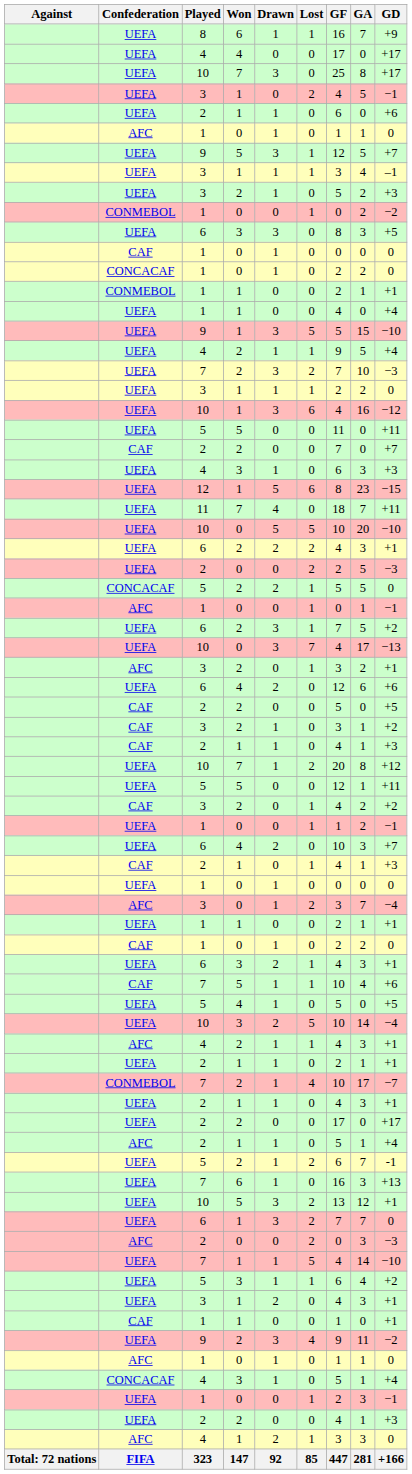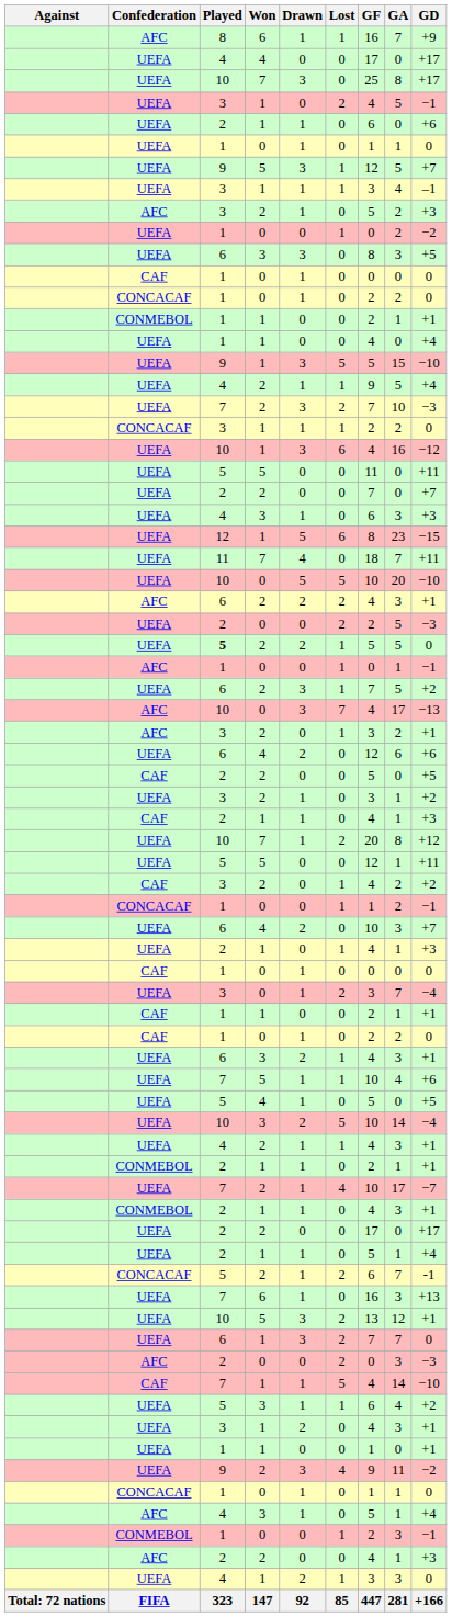 <table class="wikitable sortable" style="font-size:100%; text-align:center;">
 <tr>
 <th>Against</th>
 <th>Confederation</th>
 <th>Played</th>
 <th>Won</th>
 <th>Drawn</th>
 <th>Lost</th>
 <th>GF</th>
 <th>GA</th>
 <th>GD</th>
 </tr>
 <tr bgcolor="#CCFFCC">
 <td style="text-align:left;"></td>
-<td><a href='#'>UEFA</a></td>
+<td><a href='#'>AFC</a></td>
 <td>8</td>
 <td>6</td>
 <td>1</td>
 <td>1</td>
 <td>16</td>
 <td>7</td>
 <td>+9</td>
 </tr>
 <tr bgcolor="#CCFFCC">
 <td style="text-align:left;"></td>
 <td><a href='#'>UEFA</a></td>
 <td>4</td>
 <td>4</td>
 <td>0</td>
 <td>0</td>
 <td>17</td>
 <td>0</td>
 <td>+17</td>
 </tr>
 <tr bgcolor="#CCFFCC">
 <td style="text-align:left;"></td>
 <td><a href='#'>UEFA</a></td>
 <td>10</td>
 <td>7</td>
 <td>3</td>
 <td>0</td>
 <td>25</td>
 <td>8</td>
 <td>+17</td>
 </tr>
 <tr bgcolor="#FFBBBB">
 <td style="text-align:left;"></td>
 <td><a href='#'>UEFA</a></td>
 <td>3</td>
 <td>1</td>
 <td>0</td>
 <td>2</td>
 <td>4</td>
 <td>5</td>
 <td>−1</td>
 </tr>
 <tr bgcolor="#CCFFCC">
 <td style="text-align:left;"></td>
 <td><a href='#'>UEFA</a></td>
 <td>2</td>
 <td>1</td>
 <td>1</td>
 <td>0</td>
 <td>6</td>
 <td>0</td>
 <td>+6</td>
 </tr>
 <tr bgcolor="#FFFFBB">
 <td style="text-align:left;"></td>
-<td><a href='#'>AFC</a></td>
+<td><a href='#'>UEFA</a></td>
 <td>1</td>
 <td>0</td>
 <td>1</td>
 <td>0</td>
 <td>1</td>
 <td>1</td>
 <td>0</td>
 </tr>
 <tr bgcolor="#CCFFCC">
 <td style="text-align:left;"></td>
 <td><a href='#'>UEFA</a></td>
 <td>9</td>
 <td>5</td>
 <td>3</td>
 <td>1</td>
 <td>12</td>
 <td>5</td>
 <td>+7</td>
 </tr>
 <tr bgcolor="#FFFFBB">
 <td style="text-align:left;"></td>
 <td><a href='#'>UEFA</a></td>
 <td>3</td>
 <td>1</td>
 <td>1</td>
 <td>1</td>
 <td>3</td>
 <td>4</td>
 <td>–1</td>
 </tr>
 <tr bgcolor="#CCFFCC">
 <td style="text-align:left;"></td>
-<td><a href='#'>UEFA</a></td>
+<td><a href='#'>AFC</a></td>
 <td>3</td>
 <td>2</td>
 <td>1</td>
 <td>0</td>
 <td>5</td>
 <td>2</td>
 <td>+3</td>
 </tr>
 <tr bgcolor="#FFBBBB">
 <td style="text-align:left;"></td>
-<td><a href='#'>CONMEBOL</a></td>
+<td><a href='#'>UEFA</a></td>
 <td>1</td>
 <td>0</td>
 <td>0</td>
 <td>1</td>
 <td>0</td>
 <td>2</td>
 <td>−2</td>
 </tr>
 <tr bgcolor="#CCFFCC">
 <td style="text-align:left;"></td>
 <td><a href='#'>UEFA</a></td>
 <td>6</td>
 <td>3</td>
 <td>3</td>
 <td>0</td>
 <td>8</td>
 <td>3</td>
 <td>+5</td>
 </tr>
 <tr bgcolor="#FFFFBB">
 <td style="text-align:left;"></td>
 <td><a href='#'>CAF</a></td>
 <td>1</td>
 <td>0</td>
 <td>1</td>
 <td>0</td>
 <td>0</td>
 <td>0</td>
 <td>0</td>
 </tr>
 <tr bgcolor="#FFFFBB">
 <td style="text-align:left;"></td>
 <td><a href='#'>CONCACAF</a></td>
 <td>1</td>
 <td>0</td>
 <td>1</td>
 <td>0</td>
 <td>2</td>
 <td>2</td>
 <td>0</td>
 </tr>
 <tr bgcolor="#CCFFCC">
 <td style="text-align:left;"></td>
 <td><a href='#'>CONMEBOL</a></td>
 <td>1</td>
 <td>1</td>
 <td>0</td>
 <td>0</td>
 <td>2</td>
 <td>1</td>
 <td>+1</td>
 </tr>
 <tr bgcolor="#CCFFCC">
 <td style="text-align:left;"></td>
 <td><a href='#'>UEFA</a></td>
 <td>1</td>
 <td>1</td>
 <td>0</td>
 <td>0</td>
 <td>4</td>
 <td>0</td>
 <td>+4</td>
 </tr>
 <tr bgcolor="#FFBBBB">
 <td style="text-align:left;"></td>
 <td><a href='#'>UEFA</a></td>
 <td>9</td>
 <td>1</td>
 <td>3</td>
 <td>5</td>
 <td>5</td>
 <td>15</td>
 <td>−10</td>
 </tr>
 <tr bgcolor="#CCFFCC">
 <td style="text-align:left;"></td>
 <td><a href='#'>UEFA</a></td>
 <td>4</td>
 <td>2</td>
 <td>1</td>
 <td>1</td>
 <td>9</td>
 <td>5</td>
 <td>+4</td>
 </tr>
 <tr bgcolor="#FFFFBB">
 <td style="text-align:left;"></td>
 <td><a href='#'>UEFA</a></td>
 <td>7</td>
 <td>2</td>
 <td>3</td>
 <td>2</td>
 <td>7</td>
 <td>10</td>
 <td>−3</td>
 </tr>
 <tr bgcolor="#FFFFBB">
 <td style="text-align:left;"></td>
-<td><a href='#'>UEFA</a></td>
+<td><a href='#'>CONCACAF</a></td>
 <td>3</td>
 <td>1</td>
 <td>1</td>
 <td>1</td>
 <td>2</td>
 <td>2</td>
 <td>0</td>
 </tr>
 <tr bgcolor="#FFBBBB">
 <td style="text-align:left;"></td>
 <td><a href='#'>UEFA</a></td>
 <td>10</td>
 <td>1</td>
 <td>3</td>
 <td>6</td>
 <td>4</td>
 <td>16</td>
 <td>−12</td>
 </tr>
 <tr bgcolor="#CCFFCC">
 <td style="text-align:left;"></td>
 <td><a href='#'>UEFA</a></td>
 <td>5</td>
 <td>5</td>
 <td>0</td>
 <td>0</td>
 <td>11</td>
 <td>0</td>
 <td>+11</td>
 </tr>
 <tr bgcolor="#CCFFCC">
 <td style="text-align:left;"></td>
-<td><a href='#'>CAF</a></td>
+<td><a href='#'>UEFA</a></td>
 <td>2</td>
 <td>2</td>
 <td>0</td>
 <td>0</td>
 <td>7</td>
 <td>0</td>
 <td>+7</td>
 </tr>
 <tr bgcolor="#CCFFCC">
 <td style="text-align:left;"></td>
 <td><a href='#'>UEFA</a></td>
 <td>4</td>
 <td>3</td>
 <td>1</td>
 <td>0</td>
 <td>6</td>
 <td>3</td>
 <td>+3</td>
 </tr>
 <tr bgcolor="#FFBBBB">
 <td style="text-align:left;"></td>
 <td><a href='#'>UEFA</a></td>
 <td>12</td>
 <td>1</td>
 <td>5</td>
 <td>6</td>
 <td>8</td>
 <td>23</td>
 <td>−15</td>
 </tr>
 <tr bgcolor="#CCFFCC">
 <td style="text-align:left;"></td>
 <td><a href='#'>UEFA</a></td>
 <td>11</td>
 <td>7</td>
 <td>4</td>
 <td>0</td>
 <td>18</td>
 <td>7</td>
 <td>+11</td>
 </tr>
 <tr bgcolor="#FFBBBB">
 <td style="text-align:left;"></td>
 <td><a href='#'>UEFA</a></td>
 <td>10</td>
 <td>0</td>
 <td>5</td>
 <td>5</td>
 <td>10</td>
 <td>20</td>
 <td>−10</td>
 </tr>
 <tr bgcolor="#FFFFBB">
 <td style="text-align:left;"></td>
-<td><a href='#'>UEFA</a></td>
+<td><a href='#'>AFC</a></td>
 <td>6</td>
 <td>2</td>
 <td>2</td>
 <td>2</td>
 <td>4</td>
 <td>3</td>
 <td>+1</td>
 </tr>
 <tr bgcolor="#FFBBBB">
 <td style="text-align:left;"></td>
 <td><a href='#'>UEFA</a></td>
 <td>2</td>
 <td>0</td>
 <td>0</td>
 <td>2</td>
 <td>2</td>
 <td>5</td>
 <td>−3</td>
 </tr>
 <tr bgcolor="#CCFFCC">
 <td style="text-align:left;"></td>
-<td><a href='#'>CONCACAF</a></td>
-<td>5</td>
+<td><a href='#'>UEFA</a></td>
+<td><strong>5</strong></td>
 <td>2</td>
 <td>2</td>
 <td>1</td>
 <td>5</td>
 <td>5</td>
 <td>0</td>
 </tr>
 <tr bgcolor="#FFBBBB">
 <td style="text-align:left;"></td>
 <td><a href='#'>AFC</a></td>
 <td>1</td>
 <td>0</td>
 <td>0</td>
 <td>1</td>
 <td>0</td>
 <td>1</td>
 <td>−1</td>
 </tr>
 <tr bgcolor="#CCFFCC">
 <td style="text-align:left;"></td>
 <td><a href='#'>UEFA</a></td>
 <td>6</td>
 <td>2</td>
 <td>3</td>
 <td>1</td>
 <td>7</td>
 <td>5</td>
 <td>+2</td>
 </tr>
 <tr bgcolor="#FFBBBB">
 <td style="text-align:left;"></td>
-<td><a href='#'>UEFA</a></td>
+<td><a href='#'>AFC</a></td>
 <td>10</td>
 <td>0</td>
 <td>3</td>
 <td>7</td>
 <td>4</td>
 <td>17</td>
 <td>−13</td>
 </tr>
 <tr bgcolor="#CCFFCC">
 <td style="text-align:left;"></td>
 <td><a href='#'>AFC</a></td>
 <td>3</td>
 <td>2</td>
 <td>0</td>
 <td>1</td>
 <td>3</td>
 <td>2</td>
 <td>+1</td>
 </tr>
 <tr bgcolor="#CCFFCC">
 <td style="text-align:left;"></td>
 <td><a href='#'>UEFA</a></td>
 <td>6</td>
 <td>4</td>
 <td>2</td>
 <td>0</td>
 <td>12</td>
 <td>6</td>
 <td>+6</td>
 </tr>
 <tr bgcolor="#CCFFCC">
 <td style="text-align:left;"></td>
 <td><a href='#'>CAF</a></td>
 <td>2</td>
 <td>2</td>
 <td>0</td>
 <td>0</td>
 <td>5</td>
 <td>0</td>
 <td>+5</td>
 </tr>
 <tr bgcolor="#CCFFCC">
 <td style="text-align:left;"></td>
-<td><a href='#'>CAF</a></td>
+<td><a href='#'>UEFA</a></td>
 <td>3</td>
 <td>2</td>
 <td>1</td>
 <td>0</td>
 <td>3</td>
 <td>1</td>
 <td>+2</td>
 </tr>
 <tr bgcolor="#CCFFCC">
 <td style="text-align:left;"></td>
 <td><a href='#'>CAF</a></td>
 <td>2</td>
 <td>1</td>
 <td>1</td>
 <td>0</td>
 <td>4</td>
 <td>1</td>
 <td>+3</td>
 </tr>
 <tr bgcolor="#CCFFCC">
 <td style="text-align:left;"></td>
 <td><a href='#'>UEFA</a></td>
 <td>10</td>
 <td>7</td>
 <td>1</td>
 <td>2</td>
 <td>20</td>
 <td>8</td>
 <td>+12</td>
 </tr>
 <tr bgcolor="#CCFFCC">
 <td style="text-align:left;"></td>
 <td><a href='#'>UEFA</a></td>
 <td>5</td>
 <td>5</td>
 <td>0</td>
 <td>0</td>
 <td>12</td>
 <td>1</td>
 <td>+11</td>
 </tr>
 <tr bgcolor="#CCFFCC">
 <td style="text-align:left;"></td>
 <td><a href='#'>CAF</a></td>
 <td>3</td>
 <td>2</td>
 <td>0</td>
 <td>1</td>
 <td>4</td>
 <td>2</td>
 <td>+2</td>
 </tr>
 <tr bgcolor="#FFBBBB">
 <td style="text-align:left;"></td>
-<td><a href='#'>UEFA</a></td>
+<td><a href='#'>CONCACAF</a></td>
 <td>1</td>
 <td>0</td>
 <td>0</td>
 <td>1</td>
 <td>1</td>
 <td>2</td>
 <td>−1</td>
 </tr>
 <tr bgcolor="#CCFFCC">
 <td style="text-align:left;"></td>
 <td><a href='#'>UEFA</a></td>
 <td>6</td>
 <td>4</td>
 <td>2</td>
 <td>0</td>
 <td>10</td>
 <td>3</td>
 <td>+7</td>
 </tr>
 <tr bgcolor="#FFFFBB">
 <td style="text-align:left;"></td>
-<td><a href='#'>CAF</a></td>
+<td><a href='#'>UEFA</a></td>
 <td>2</td>
 <td>1</td>
 <td>0</td>
 <td>1</td>
 <td>4</td>
 <td>1</td>
 <td>+3</td>
 </tr>
 <tr bgcolor="#FFFFBB">
 <td style="text-align:left;"></td>
-<td><a href='#'>UEFA</a></td>
+<td><a href='#'>CAF</a></td>
 <td>1</td>
 <td>0</td>
 <td>1</td>
 <td>0</td>
 <td>0</td>
 <td>0</td>
 <td>0</td>
 </tr>
 <tr bgcolor="#FFBBBB">
 <td style="text-align:left;"></td>
-<td><a href='#'>AFC</a></td>
+<td><a href='#'>UEFA</a></td>
 <td>3</td>
 <td>0</td>
 <td>1</td>
 <td>2</td>
 <td>3</td>
 <td>7</td>
 <td>−4</td>
 </tr>
 <tr bgcolor="#CCFFCC">
 <td style="text-align:left;"></td>
-<td><a href='#'>UEFA</a></td>
+<td><a href='#'>CAF</a></td>
 <td>1</td>
 <td>1</td>
 <td>0</td>
 <td>0</td>
 <td>2</td>
 <td>1</td>
 <td>+1</td>
 </tr>
 <tr bgcolor="#FFFFBB">
 <td style="text-align:left;"></td>
 <td><a href='#'>CAF</a></td>
 <td>1</td>
 <td>0</td>
 <td>1</td>
 <td>0</td>
 <td>2</td>
 <td>2</td>
 <td>0</td>
 </tr>
 <tr bgcolor="#CCFFCC">
 <td style="text-align:left;"></td>
 <td><a href='#'>UEFA</a></td>
 <td>6</td>
 <td>3</td>
 <td>2</td>
 <td>1</td>
 <td>4</td>
 <td>3</td>
 <td>+1</td>
 </tr>
 <tr bgcolor="#CCFFCC">
 <td style="text-align:left;"></td>
-<td><a href='#'>CAF</a></td>
+<td><a href='#'>UEFA</a></td>
 <td>7</td>
 <td>5</td>
 <td>1</td>
 <td>1</td>
 <td>10</td>
 <td>4</td>
 <td>+6</td>
 </tr>
 <tr bgcolor="#CCFFCC">
 <td style="text-align:left;"></td>
 <td><a href='#'>UEFA</a></td>
 <td>5</td>
 <td>4</td>
 <td>1</td>
 <td>0</td>
 <td>5</td>
 <td>0</td>
 <td>+5</td>
 </tr>
 <tr bgcolor="#FFBBBB">
 <td style="text-align:left;"></td>
 <td><a href='#'>UEFA</a></td>
 <td>10</td>
 <td>3</td>
 <td>2</td>
 <td>5</td>
 <td>10</td>
 <td>14</td>
 <td>−4</td>
 </tr>
 <tr bgcolor="#CCFFCC">
 <td style="text-align:left;"></td>
-<td><a href='#'>AFC</a></td>
+<td><a href='#'>UEFA</a></td>
 <td>4</td>
 <td>2</td>
 <td>1</td>
 <td>1</td>
 <td>4</td>
 <td>3</td>
 <td>+1</td>
 </tr>
 <tr bgcolor="#CCFFCC">
 <td style="text-align:left;"></td>
-<td><a href='#'>UEFA</a></td>
+<td><a href='#'>CONMEBOL</a></td>
 <td>2</td>
 <td>1</td>
 <td>1</td>
 <td>0</td>
 <td>2</td>
 <td>1</td>
 <td>+1</td>
 </tr>
 <tr bgcolor="#FFBBBB">
 <td style="text-align:left;"></td>
-<td><a href='#'>CONMEBOL</a></td>
+<td><a href='#'>UEFA</a></td>
 <td>7</td>
 <td>2</td>
 <td>1</td>
 <td>4</td>
 <td>10</td>
 <td>17</td>
 <td>−7</td>
 </tr>
 <tr bgcolor="#CCFFCC">
 <td style="text-align:left;"></td>
-<td><a href='#'>UEFA</a></td>
+<td><a href='#'>CONMEBOL</a></td>
 <td>2</td>
 <td>1</td>
 <td>1</td>
 <td>0</td>
 <td>4</td>
 <td>3</td>
 <td>+1</td>
 </tr>
 <tr bgcolor="#CCFFCC">
 <td style="text-align:left;"></td>
 <td><a href='#'>UEFA</a></td>
 <td>2</td>
 <td>2</td>
 <td>0</td>
 <td>0</td>
 <td>17</td>
 <td>0</td>
 <td>+17</td>
 </tr>
 <tr bgcolor="#CCFFCC">
 <td style="text-align:left;"></td>
-<td><a href='#'>AFC</a></td>
+<td><a href='#'>UEFA</a></td>
 <td>2</td>
 <td>1</td>
 <td>1</td>
 <td>0</td>
 <td>5</td>
 <td>1</td>
 <td>+4</td>
 </tr>
 <tr bgcolor="#FFFFBB">
 <td style="text-align:left;"></td>
-<td><a href='#'>UEFA</a></td>
+<td><a href='#'>CONCACAF</a></td>
 <td>5</td>
 <td>2</td>
 <td>1</td>
 <td>2</td>
 <td>6</td>
 <td>7</td>
 <td>-1</td>
 </tr>
 <tr bgcolor="#CCFFCC">
 <td style="text-align:left;"></td>
 <td><a href='#'>UEFA</a></td>
 <td>7</td>
 <td>6</td>
 <td>1</td>
 <td>0</td>
 <td>16</td>
 <td>3</td>
 <td>+13</td>
 </tr>
 <tr bgcolor="#CCFFCC">
 <td style="text-align:left;"></td>
 <td><a href='#'>UEFA</a></td>
 <td>10</td>
 <td>5</td>
 <td>3</td>
 <td>2</td>
 <td>13</td>
 <td>12</td>
 <td>+1</td>
 </tr>
 <tr bgcolor="#FFBBBB">
 <td style="text-align:left;"></td>
 <td><a href='#'>UEFA</a></td>
 <td>6</td>
 <td>1</td>
 <td>3</td>
 <td>2</td>
 <td>7</td>
 <td>7</td>
 <td>0</td>
 </tr>
 <tr bgcolor="#FFBBBB">
 <td style="text-align:left;"></td>
 <td><a href='#'>AFC</a></td>
 <td>2</td>
 <td>0</td>
 <td>0</td>
 <td>2</td>
 <td>0</td>
 <td>3</td>
 <td>−3</td>
 </tr>
 <tr bgcolor="#FFBBBB">
 <td style="text-align:left;"></td>
-<td><a href='#'>UEFA</a></td>
+<td><a href='#'>CAF</a></td>
 <td>7</td>
 <td>1</td>
 <td>1</td>
 <td>5</td>
 <td>4</td>
 <td>14</td>
 <td>−10</td>
 </tr>
 <tr bgcolor="#CCFFCC">
 <td style="text-align:left;"></td>
 <td><a href='#'>UEFA</a></td>
 <td>5</td>
 <td>3</td>
 <td>1</td>
 <td>1</td>
 <td>6</td>
 <td>4</td>
 <td>+2</td>
 </tr>
 <tr bgcolor="#CCFFCC">
 <td style="text-align:left;"></td>
 <td><a href='#'>UEFA</a></td>
 <td>3</td>
 <td>1</td>
 <td>2</td>
 <td>0</td>
 <td>4</td>
 <td>3</td>
 <td>+1</td>
 </tr>
 <tr bgcolor="#CCFFCC">
 <td style="text-align:left;"></td>
-<td><a href='#'>CAF</a></td>
+<td><a href='#'>UEFA</a></td>
 <td>1</td>
 <td>1</td>
 <td>0</td>
 <td>0</td>
 <td>1</td>
 <td>0</td>
 <td>+1</td>
 </tr>
 <tr bgcolor="#FFBBBB">
 <td style="text-align:left;"></td>
 <td><a href='#'>UEFA</a></td>
 <td>9</td>
 <td>2</td>
 <td>3</td>
 <td>4</td>
 <td>9</td>
 <td>11</td>
 <td>−2</td>
 </tr>
 <tr bgcolor="#FFFFBB">
 <td style="text-align:left;"></td>
-<td><a href='#'>AFC</a></td>
+<td><a href='#'>CONCACAF</a></td>
 <td>1</td>
 <td>0</td>
 <td>1</td>
 <td>0</td>
 <td>1</td>
 <td>1</td>
 <td>0</td>
 </tr>
 <tr bgcolor="#CCFFCC">
 <td style="text-align:left;"></td>
-<td><a href='#'>CONCACAF</a></td>
+<td><a href='#'>AFC</a></td>
 <td>4</td>
 <td>3</td>
 <td>1</td>
 <td>0</td>
 <td>5</td>
 <td>1</td>
 <td>+4</td>
 </tr>
 <tr bgcolor="#FFBBBB">
 <td style="text-align:left;"></td>
-<td><a href='#'>UEFA</a></td>
+<td><a href='#'>CONMEBOL</a></td>
 <td>1</td>
 <td>0</td>
 <td>0</td>
 <td>1</td>
 <td>2</td>
 <td>3</td>
 <td>−1</td>
 </tr>
 <tr bgcolor="#CCFFCC">
 <td style="text-align:left;"></td>
-<td><a href='#'>UEFA</a></td>
+<td><a href='#'>AFC</a></td>
 <td>2</td>
 <td>2</td>
 <td>0</td>
 <td>0</td>
 <td>4</td>
 <td>1</td>
 <td>+3</td>
 </tr>
 <tr bgcolor="#FFFFBB">
 <td style="text-align:left;"></td>
-<td><a href='#'>AFC</a></td>
+<td><a href='#'>UEFA</a></td>
 <td>4</td>
 <td>1</td>
 <td>2</td>
 <td>1</td>
 <td>3</td>
 <td>3</td>
 <td>0</td>
 </tr>
 <tr class="sortbottom">
 <th>Total: 72 nations</th>
 <th><a href='#'>FIFA</a></th>
 <th>323</th>
 <th>147</th>
 <th>92</th>
 <th>85</th>
 <th>447</th>
 <th>281</th>
 <th>+166</th>
 </tr>
 </table>
